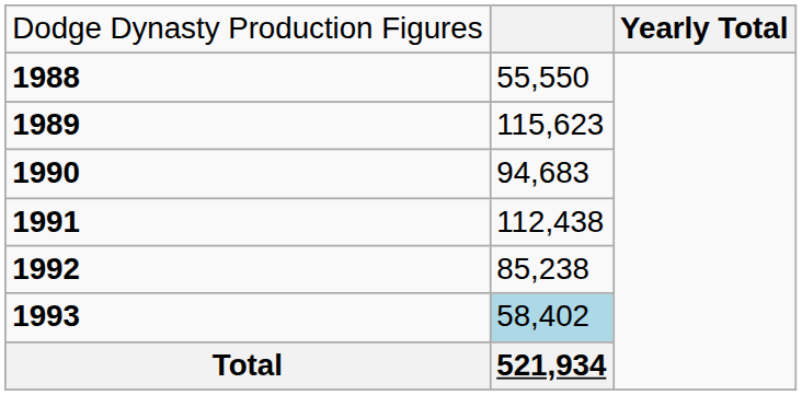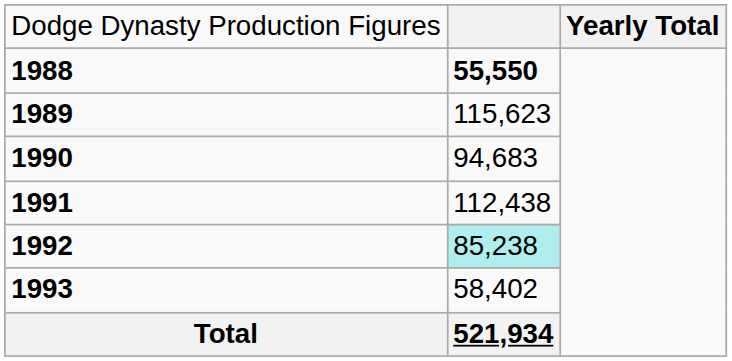 <table class="wikitable">
 <tr>
 <td>Dodge Dynasty Production Figures</td>
 <th></th>
 <th>Yearly Total</th>
 </tr>
 <tr>
 <td><strong>1988</strong></td>
-<td>55,550</td>
+<td><strong>55,550</strong></td>
 </tr>
 <tr>
 <td><strong>1989</strong></td>
 <td>115,623</td>
 </tr>
 <tr>
 <td><strong>1990</strong></td>
 <td>94,683</td>
 </tr>
 <tr>
 <td><strong>1991</strong></td>
 <td>112,438</td>
 </tr>
 <tr>
 <td><strong>1992</strong></td>
-<td>85,238</td>
+<td style="background: paleturquoise;">85,238</td>
 </tr>
 <tr>
 <td><strong>1993</strong></td>
-<td style="background: lightblue;">58,402</td>
+<td>58,402</td>
 </tr>
 <tr>
 <th>Total</th>
 <th><u>521,934</u></th>
 </tr>
 </table>
